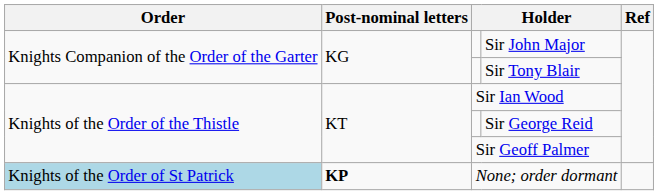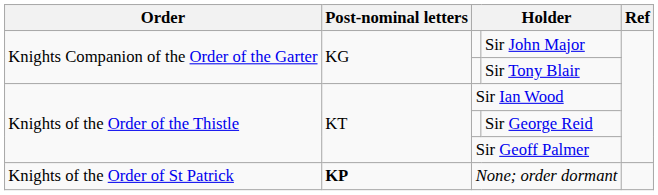 <table class="wikitable">
 <tr>
 <th>Order</th>
 <th>Post-nominal letters</th>
 <th colspan=2>Holder</th>
 <th>Ref</th>
 </tr>
 <tr>
 <td rowspan=2>Knights Companion of the <a href='#'>Order of the Garter</a></td>
 <td rowspan=2>KG</td>
 <td style="background: "></td>
 <td>Sir <a href='#'>John Major</a></td>
 <td rowspan=5></td>
 </tr>
 <tr>
 <td style="background: "></td>
 <td>Sir <a href='#'>Tony Blair</a></td>
 </tr>
 <tr>
 <td rowspan=3>Knights of the <a href='#'>Order of the Thistle</a></td>
 <td rowspan=3>KT</td>
 <td colspan=2>Sir <a href='#'>Ian Wood</a></td>
 </tr>
 <tr>
 <td style="background: "></td>
 <td>Sir <a href='#'>George Reid</a></td>
 </tr>
 <tr>
 <td colspan=2>Sir <a href='#'>Geoff Palmer</a></td>
 </tr>
 <tr>
-<td style="background: lightblue;">Knights of the <a href='#'>Order of St Patrick</a></td>
+<td>Knights of the <a href='#'>Order of St Patrick</a></td>
 <td><strong>KP</strong></td>
 <td colspan=2><em>None; order dormant</em></td>
 <td></td>
 </tr>
 </table>
